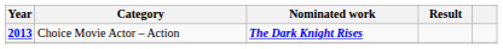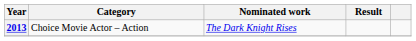 <table class="wikitable sortable">
 <tr>
 <th style="width:6%;" scope="col">Year</th>
 <th style="width:43%;" scope="col">Category</th>
 <th style="width:35%;" scope="col">Nominated work</th>
 <th style="width:11%;" scope="col">Result</th>
 <th style="width:5%;" scope="col" class="unsortable"></th>
 </tr>
 <tr>
 <th scope="row" style="text-align:center;"><a href='#'>2013</a></th>
 <td>Choice Movie Actor – Action</td>
-<td><strong><em><a href='#'>The Dark Knight Rises</a></em></strong></td>
+<td><em><a href='#'>The Dark Knight Rises</a></em></td>
 <td></td>
 <td style="text-align:center;"></td>
 </tr>
 <tr>
 </tr>
 </table>
